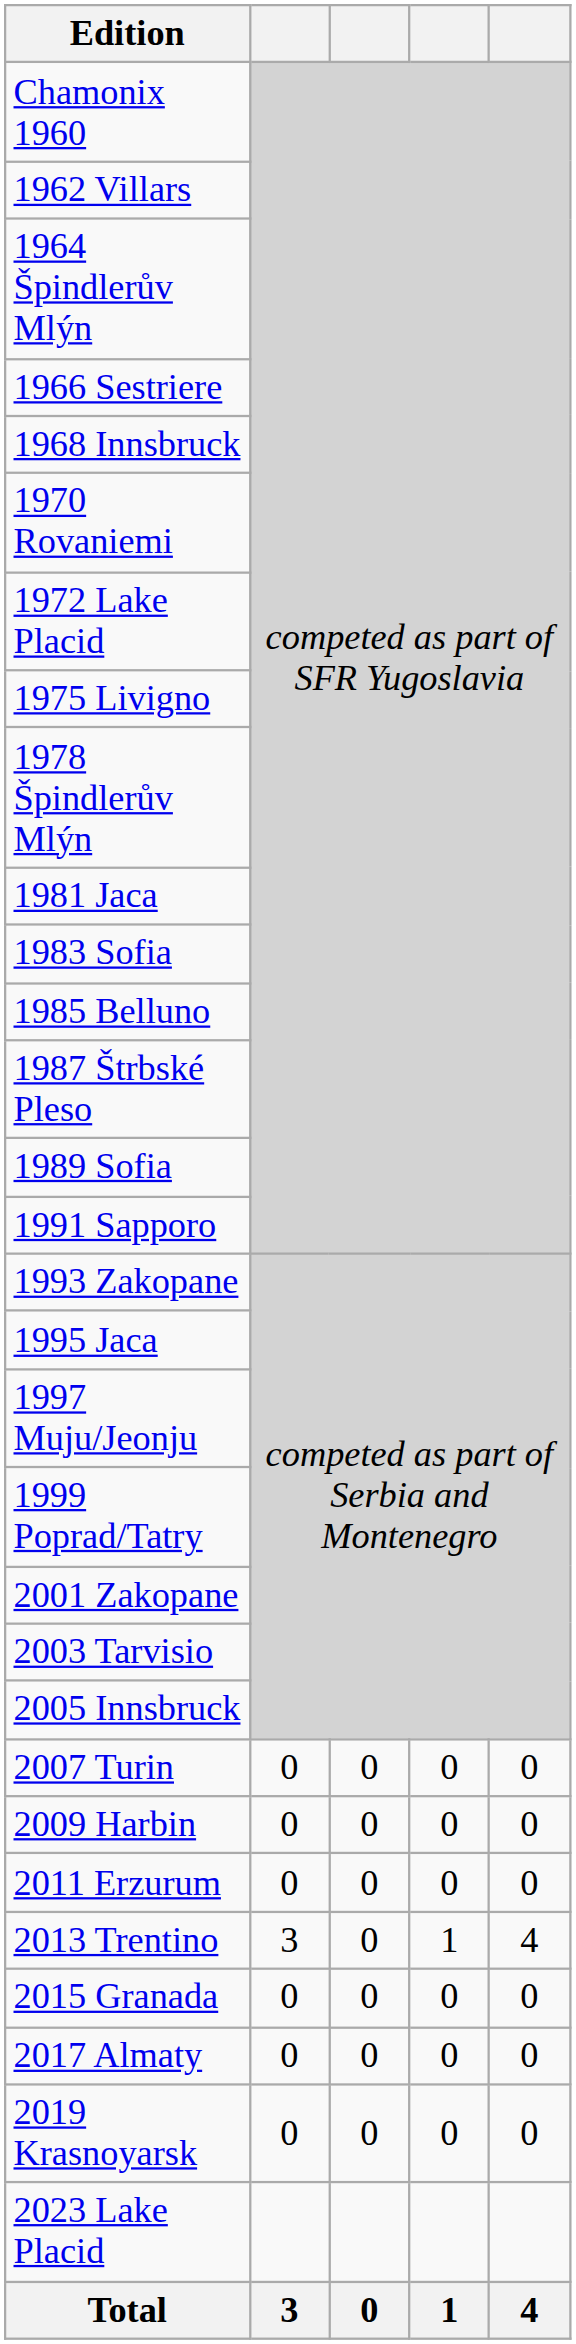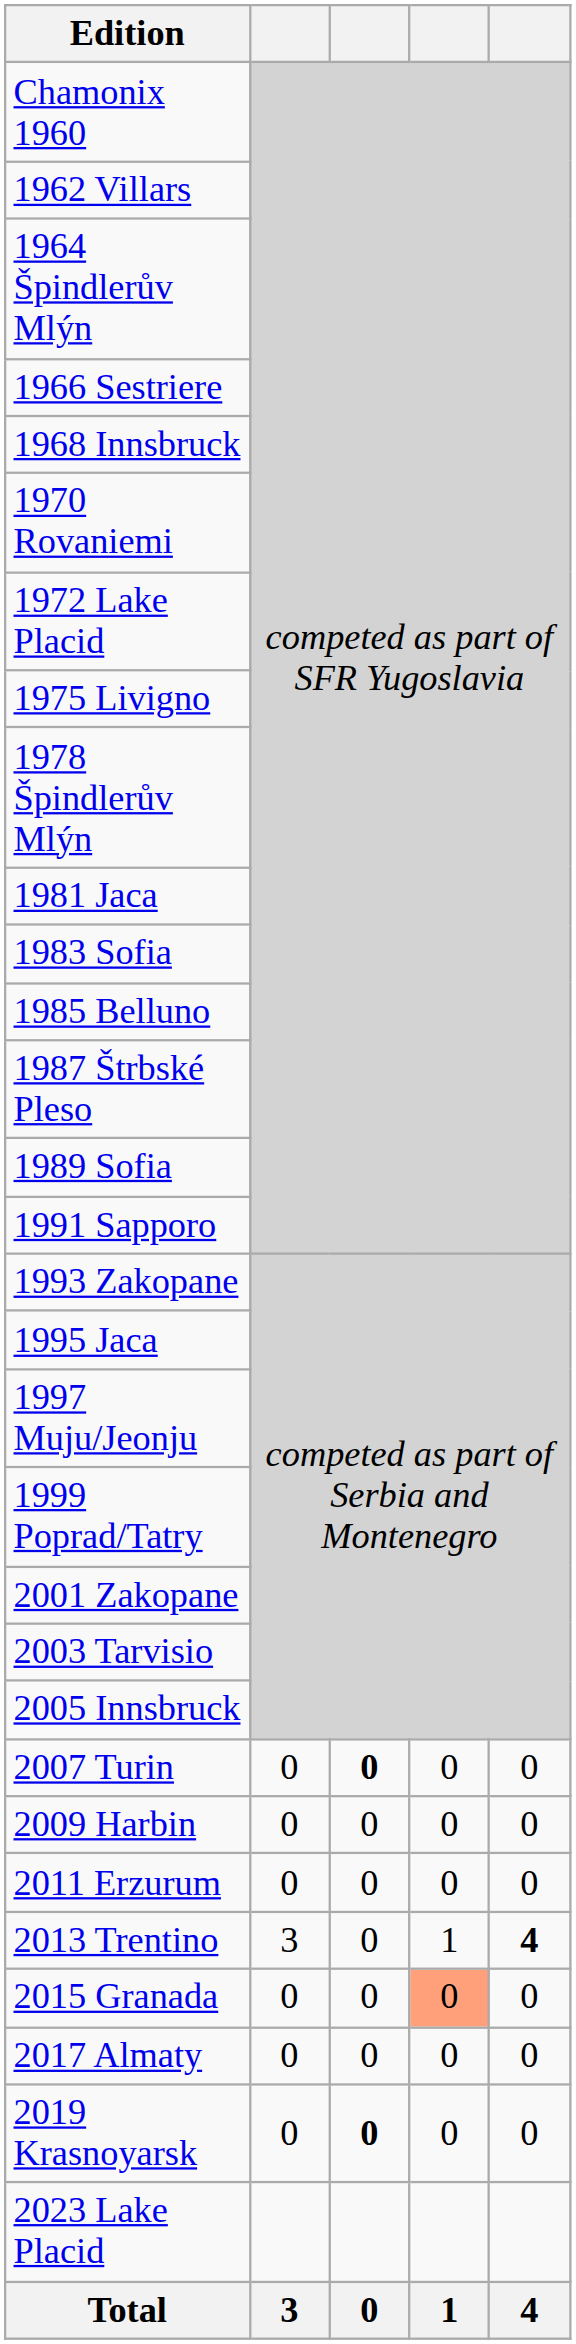 <table class="wikitable" width=40% style="font-size:100%; text-align:center;">
 <tr>
 <th>Edition</th>
 <th></th>
 <th></th>
 <th></th>
 <th></th>
 </tr>
 <tr>
 <td align=left> <a href='#'>Chamonix 1960</a></td>
 <td rowspan=15 colspan=4 bgcolor=lightgrey><em>competed as part of SFR Yugoslavia</em></td>
 </tr>
 <tr>
 <td align=left> <a href='#'>1962 Villars</a></td>
 </tr>
 <tr>
 <td align=left> <a href='#'>1964 Špindlerův Mlýn</a></td>
 </tr>
 <tr>
 <td align=left> <a href='#'>1966 Sestriere</a></td>
 </tr>
 <tr>
 <td align=left> <a href='#'>1968 Innsbruck</a></td>
 </tr>
 <tr>
 <td align=left> <a href='#'>1970 Rovaniemi</a></td>
 </tr>
 <tr>
 <td align=left> <a href='#'>1972 Lake Placid</a></td>
 </tr>
 <tr>
 <td align=left> <a href='#'>1975 Livigno</a></td>
 </tr>
 <tr>
 <td align=left> <a href='#'>1978 Špindlerův Mlýn</a></td>
 </tr>
 <tr>
 <td align=left> <a href='#'>1981 Jaca</a></td>
 </tr>
 <tr>
 <td align=left> <a href='#'>1983 Sofia</a></td>
 </tr>
 <tr>
 <td align=left> <a href='#'>1985 Belluno</a></td>
 </tr>
 <tr>
 <td align=left> <a href='#'>1987 Štrbské Pleso</a></td>
 </tr>
 <tr>
 <td align=left> <a href='#'>1989 Sofia</a></td>
 </tr>
 <tr>
 <td align=left> <a href='#'>1991 Sapporo</a></td>
 </tr>
 <tr>
 <td align=left> <a href='#'>1993 Zakopane</a></td>
 <td rowspan=7 colspan=4 bgcolor=lightgrey><em>competed as part of Serbia and Montenegro</em></td>
 </tr>
 <tr>
 <td align=left> <a href='#'>1995 Jaca</a></td>
 </tr>
 <tr>
 <td align=left> <a href='#'>1997 Muju/Jeonju</a></td>
 </tr>
 <tr>
 <td align=left> <a href='#'>1999 Poprad/Tatry</a></td>
 </tr>
 <tr>
 <td align=left> <a href='#'>2001 Zakopane</a></td>
 </tr>
 <tr>
 <td align=left> <a href='#'>2003 Tarvisio</a></td>
 </tr>
 <tr>
 <td align=left> <a href='#'>2005 Innsbruck</a></td>
 </tr>
 <tr>
 <td align=left> <a href='#'>2007 Turin</a></td>
 <td>0</td>
-<td>0</td>
+<td><strong>0</strong></td>
 <td>0</td>
 <td>0</td>
 </tr>
 <tr>
 <td align=left> <a href='#'>2009 Harbin</a></td>
 <td>0</td>
 <td>0</td>
 <td>0</td>
 <td>0</td>
 </tr>
 <tr>
 <td align=left> <a href='#'>2011 Erzurum</a></td>
 <td>0</td>
 <td>0</td>
 <td>0</td>
 <td>0</td>
 </tr>
 <tr>
 <td align=left> <a href='#'>2013 Trentino</a></td>
 <td>3</td>
 <td>0</td>
 <td>1</td>
-<td>4</td>
+<td><strong>4</strong></td>
 </tr>
 <tr>
 <td align=left> <a href='#'>2015 Granada</a></td>
 <td>0</td>
 <td>0</td>
-<td>0</td>
+<td style="background: lightsalmon;">0</td>
 <td>0</td>
 </tr>
 <tr>
 <td align=left> <a href='#'>2017 Almaty</a></td>
 <td>0</td>
 <td>0</td>
 <td>0</td>
 <td>0</td>
 </tr>
 <tr>
 <td align=left> <a href='#'>2019 Krasnoyarsk</a></td>
 <td>0</td>
-<td>0</td>
+<td><strong>0</strong></td>
 <td>0</td>
 <td>0</td>
 </tr>
 <tr>
 <td align=left> <a href='#'>2023 Lake Placid</a></td>
 <td></td>
 <td></td>
 <td></td>
 <td></td>
 </tr>
 <tr>
 <th align-right>Total</th>
 <th>3</th>
 <th>0</th>
 <th>1</th>
 <th>4</th>
 </tr>
 </table>
